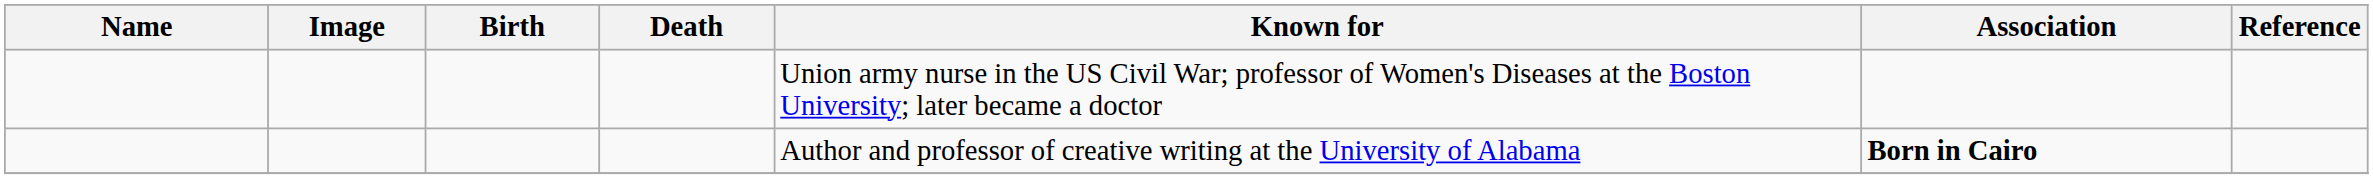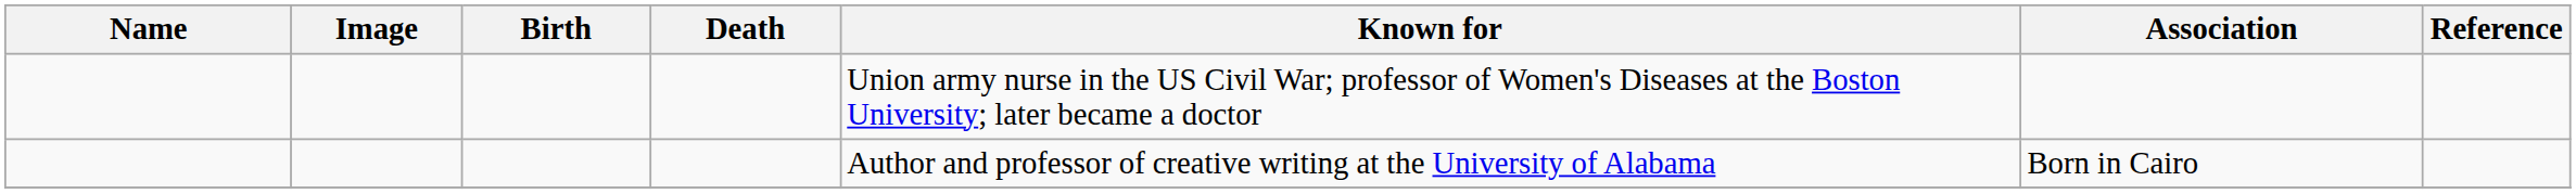 <table class="wikitable sortable">
 <tr>
 <th scope="col" width="140">Name</th>
 <th scope="col" width="80" class="unsortable">Image</th>
 <th scope="col" width="90">Birth</th>
 <th scope="col" width="90">Death</th>
 <th scope="col" width="600" class="unsortable">Known for</th>
 <th scope="col" width="200" class="unsortable">Association</th>
 <th scope="col" width="30" class="unsortable">Reference</th>
 </tr>
 <tr>
 <td></td>
 <td></td>
 <td align=right></td>
 <td align=right></td>
 <td>Union army nurse in the US Civil War; professor of Women's Diseases at the <a href='#'>Boston University</a>; later became a doctor</td>
 <td></td>
 <td align="center"></td>
 </tr>
 <tr>
 <td></td>
 <td></td>
 <td align=right></td>
 <td align=right></td>
 <td>Author and professor of creative writing at the <a href='#'>University of Alabama</a></td>
-<td><strong>Born in Cairo</strong></td>
+<td>Born in Cairo</td>
 <td align="center"></td>
 </tr>
 <tr>
 </tr>
 </table>
